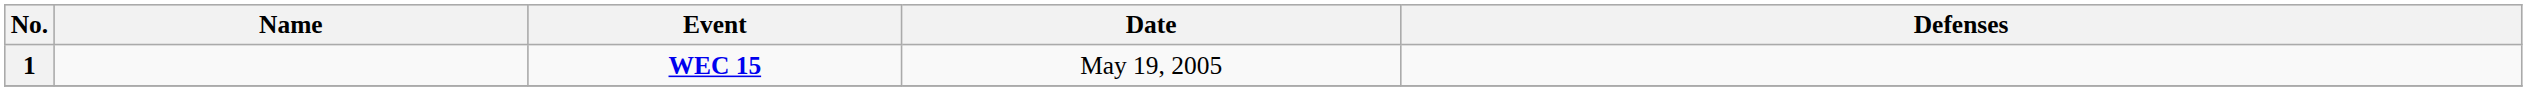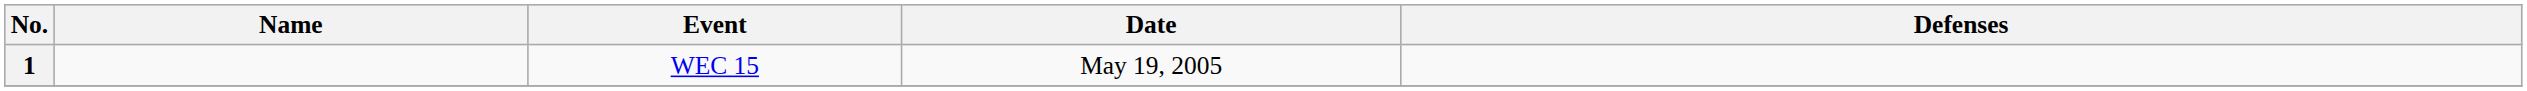 <table class="wikitable" width=100%>
 <tr>
 <th width=1%>No.</th>
 <th width=19%>Name</th>
 <th width=15%>Event</th>
 <th width=20%>Date</th>
 <th width=45%>Defenses</th>
 </tr>
 <tr>
 <th>1</th>
 <td align=left><br></td>
-<td align=center><strong><a href='#'>WEC 15</a> <br></strong></td>
+<td align=center><a href='#'>WEC 15</a> <br></td>
 <td align=center>May 19, 2005</td>
 <td></td>
 </tr>
 <tr>
 </tr>
 </table>
